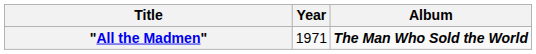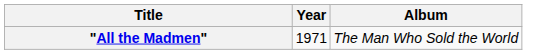 <table class="wikitable plainrowheaders" style="text-align:center;">
 <tr>
 <th scope="col" style="width:20em;">Title</th>
 <th scope="col" style="width:1em;">Year</th>
 <th>Album</th>
 </tr>
 <tr>
 <th scope="row">"<a href='#'>All the Madmen</a>"</th>
 <td>1971</td>
-<td><strong><em>The Man Who Sold the World</em></strong></td>
+<td><em>The Man Who Sold the World</em></td>
 </tr>
 </table>
